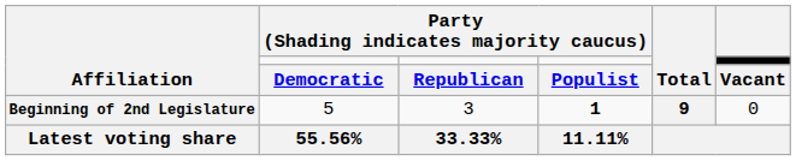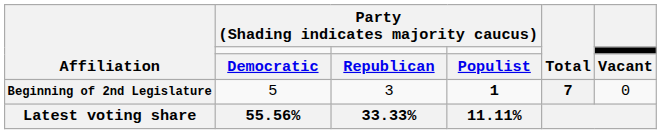 <table class=wikitable style="text-align:center">
 <tr style="vertical-align:bottom;">
 <th rowspan=3>Affiliation</th>
 <th colspan=3>Party <div>(Shading indicates majority caucus)</div></th>
 <th rowspan=3>Total</th>
 <th></th>
 </tr>
 <tr -style="height:5px">
 <td style="background-color:"></td>
 <td style="background-color:"></td>
 <td style="background-color:"></td>
 <td style="background-color:black"></td>
 </tr>
 <tr>
 <th><a href='#'>Democratic</a></th>
 <th><a href='#'>Republican</a></th>
 <th><a href='#'>Populist</a></th>
 <th>Vacant</th>
 </tr>
 <tr>
 <th nowrap style="font-size:80%">Beginning of 2nd Legislature</th>
 <td>5</td>
 <td>3</td>
 <td><strong>1</strong></td>
-<th>9</th>
+<th>7</th>
 <td>0</td>
 </tr>
 <tr>
 <th>Latest voting share</th>
 <th>55.56%</th>
 <th>33.33%</th>
 <th>11.11%</th>
 <th colspan=2></th>
 </tr>
 </table>
